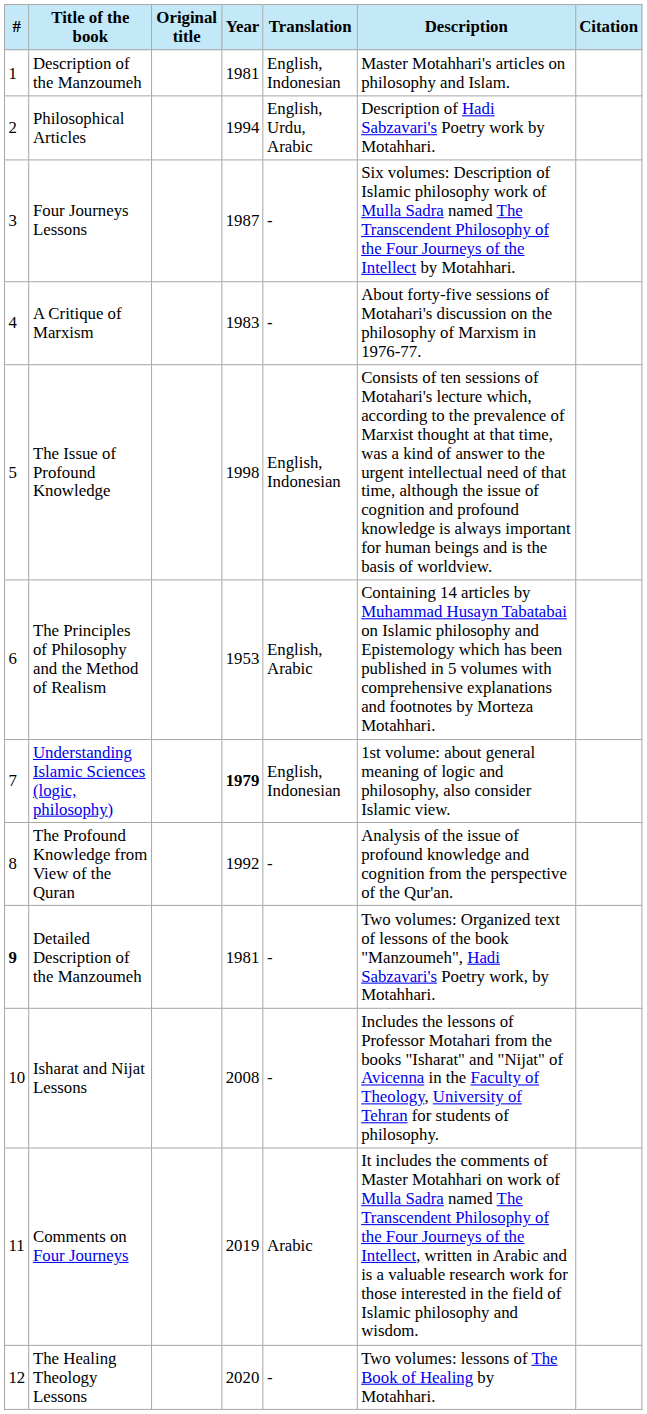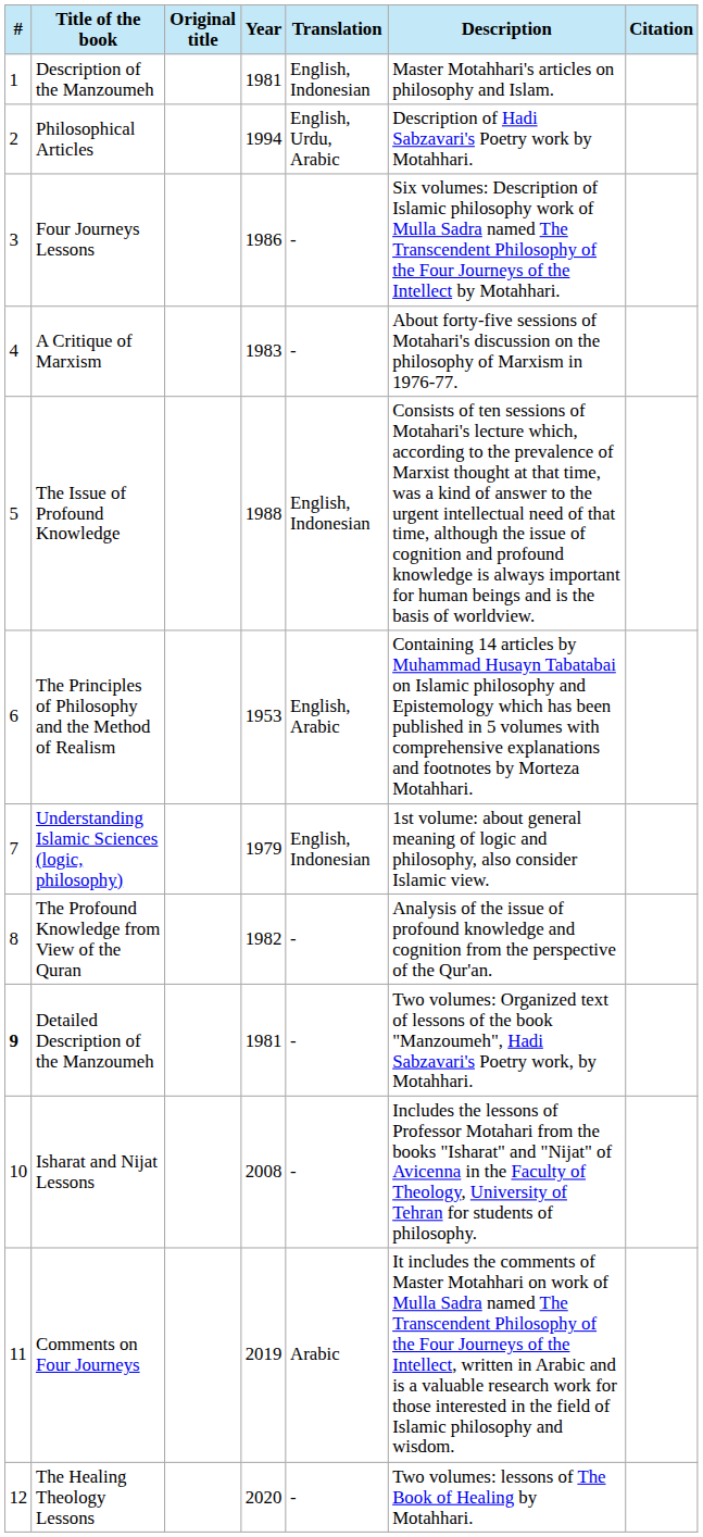 <table class="wikitable" style="background-color:#ffffff; color:#000000">
 <tr>
 <th style="background-color:#c3e8f7;">#</th>
 <th style="background-color:#c3e8f7;">Title of the book</th>
 <th style="background-color:#c3e8f7;">Original title</th>
 <th style="background-color:#c3e8f7;">Year</th>
 <th style="background-color:#c3e8f7;">Translation</th>
 <th style="background-color:#c3e8f7;">Description</th>
 <th style="background-color:#c3e8f7;">Citation</th>
 </tr>
 <tr>
 <td>1</td>
 <td>Description of the Manzoumeh</td>
 <td></td>
 <td>1981</td>
 <td>English, Indonesian</td>
 <td>Master Motahhari's articles on philosophy and Islam.</td>
 <td></td>
 </tr>
 <tr>
 <td>2</td>
 <td>Philosophical Articles</td>
 <td></td>
 <td>1994</td>
 <td>English, Urdu, Arabic</td>
 <td>Description of <a href='#'>Hadi Sabzavari's</a> Poetry work by Motahhari.</td>
 <td></td>
 </tr>
 <tr>
 <td>3</td>
 <td>Four Journeys Lessons</td>
 <td></td>
-<td>1987</td>
+<td>1986</td>
 <td>-</td>
 <td>Six volumes: Description of Islamic philosophy work of <a href='#'>Mulla Sadra</a> named <a href='#'>The Transcendent Philosophy of the Four Journeys of the Intellect</a> by Motahhari.</td>
 <td></td>
 </tr>
 <tr>
 <td>4</td>
 <td>A Critique of Marxism</td>
 <td></td>
 <td>1983</td>
 <td>-</td>
 <td>About forty-five sessions of Motahari's discussion on the philosophy of Marxism in 1976-77.</td>
 <td></td>
 </tr>
 <tr>
 <td>5</td>
 <td>The Issue of Profound Knowledge</td>
 <td></td>
-<td>1998</td>
+<td>1988</td>
 <td>English, Indonesian</td>
 <td>Consists of ten sessions of Motahari's lecture which, according to the prevalence of Marxist thought at that time, was a kind of answer to the urgent intellectual need of that time, although the issue of cognition and profound knowledge is always important for human beings and is the basis of worldview.</td>
 <td></td>
 </tr>
 <tr>
 <td>6</td>
 <td>The Principles of Philosophy and the Method of Realism</td>
 <td></td>
 <td>1953</td>
 <td>English, Arabic</td>
 <td>Containing 14 articles by <a href='#'>Muhammad Husayn Tabatabai</a> on Islamic philosophy and Epistemology which has been published in 5 volumes with comprehensive explanations and footnotes by Morteza Motahhari.</td>
 <td></td>
 </tr>
 <tr>
 <td>7</td>
 <td><a href='#'>Understanding Islamic Sciences (logic, philosophy)</a></td>
 <td></td>
-<td><strong>1979</strong></td>
+<td>1979</td>
 <td>English, Indonesian</td>
 <td>1st volume: about general meaning of logic and philosophy, also consider Islamic view.</td>
 <td></td>
 </tr>
 <tr>
 <td>8</td>
 <td>The Profound Knowledge from View of the Quran</td>
 <td></td>
-<td>1992</td>
+<td>1982</td>
 <td>-</td>
 <td>Analysis of the issue of profound knowledge and cognition from the perspective of the Qur'an.</td>
 <td></td>
 </tr>
 <tr>
 <td><strong>9</strong></td>
 <td>Detailed Description of the Manzoumeh</td>
 <td></td>
 <td>1981</td>
 <td>-</td>
 <td>Two volumes: Organized text of lessons of the book "Manzoumeh", <a href='#'>Hadi Sabzavari's</a> Poetry work, by Motahhari.</td>
 <td></td>
 </tr>
 <tr>
 <td>10</td>
 <td>Isharat and Nijat Lessons</td>
 <td></td>
 <td>2008</td>
 <td>-</td>
 <td>Includes the lessons of Professor Motahari from the books "Isharat" and "Nijat" of <a href='#'>Avicenna</a> in the <a href='#'>Faculty of Theology</a>, <a href='#'>University of Tehran</a> for students of philosophy.</td>
 <td></td>
 </tr>
 <tr>
 <td>11</td>
 <td>Comments on <a href='#'>Four Journeys</a></td>
 <td></td>
 <td>2019</td>
 <td>Arabic</td>
 <td>It includes the comments of Master Motahhari on work of <a href='#'>Mulla Sadra</a> named <a href='#'>The Transcendent Philosophy of the Four Journeys of the Intellect</a>, written in Arabic and is a valuable research work for those interested in the field of Islamic philosophy and wisdom.</td>
 <td></td>
 </tr>
 <tr>
 <td>12</td>
 <td>The Healing Theology Lessons</td>
 <td></td>
 <td>2020</td>
 <td>-</td>
 <td>Two volumes: lessons of <a href='#'>The Book of Healing</a> by Motahhari.</td>
 <td></td>
 </tr>
 </table>
